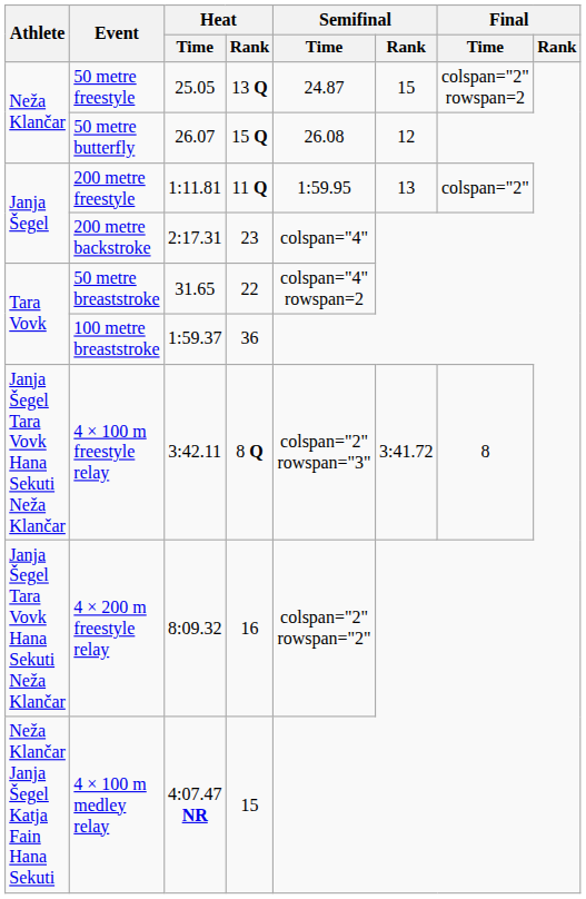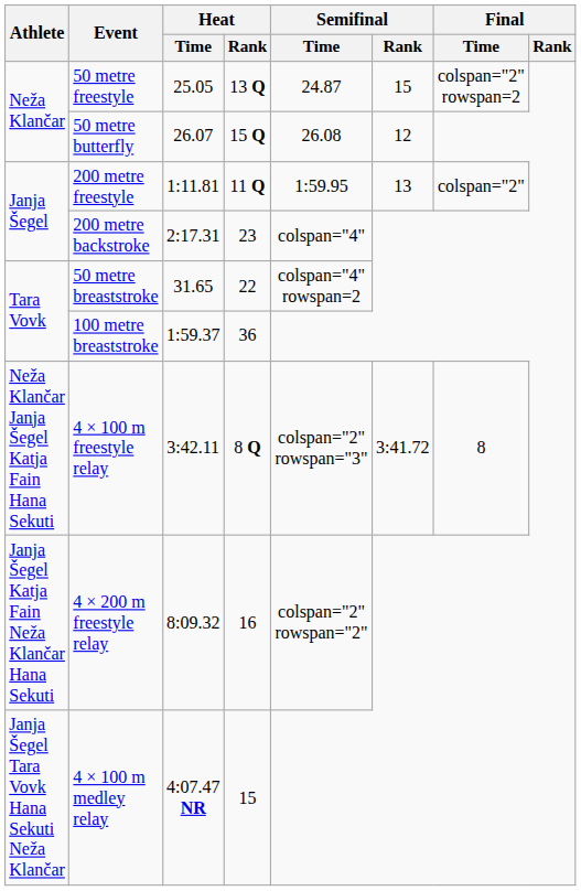 <table class="wikitable" style="text-align:center; font-size:90%; width:50%;">
 <tr>
 <th rowspan="2">Athlete</th>
 <th rowspan="2">Event</th>
 <th colspan="2">Heat</th>
 <th colspan="2">Semifinal</th>
 <th colspan="2">Final</th>
 </tr>
 <tr style="font-size:95%">
 <th>Time</th>
 <th>Rank</th>
 <th>Time</th>
 <th>Rank</th>
 <th>Time</th>
 <th>Rank</th>
 </tr>
 <tr align=center>
 <td align=left rowspan=2><a href='#'>Neža Klančar</a></td>
 <td align=left><a href='#'>50 metre freestyle</a></td>
 <td>25.05</td>
 <td>13 <strong>Q</strong></td>
 <td>24.87</td>
 <td>15</td>
 <td>colspan="2" rowspan=2 </td>
 </tr>
 <tr align=center>
 <td align=left><a href='#'>50 metre butterfly</a></td>
 <td>26.07</td>
 <td>15 <strong>Q</strong></td>
 <td>26.08</td>
 <td>12</td>
 </tr>
 <tr align=center>
 <td align=left rowspan=2><a href='#'>Janja Šegel</a></td>
 <td align=left><a href='#'>200 metre freestyle</a></td>
 <td>1:11.81</td>
 <td>11 <strong>Q</strong></td>
 <td>1:59.95</td>
 <td>13</td>
 <td>colspan="2"</td>
 </tr>
 <tr align=center>
 <td align=left><a href='#'>200 metre backstroke</a></td>
 <td>2:17.31</td>
 <td>23</td>
 <td>colspan="4"</td>
 </tr>
 <tr align=center>
 <td align=left rowspan=2><a href='#'>Tara Vovk</a></td>
 <td align=left><a href='#'>50 metre breaststroke</a></td>
 <td>31.65</td>
 <td>22</td>
 <td>colspan="4" rowspan=2</td>
 </tr>
 <tr align=center>
 <td align=left><a href='#'>100 metre breaststroke</a></td>
 <td>1:59.37</td>
 <td>36</td>
 </tr>
 <tr>
-<td align=left><a href='#'>Janja Šegel</a> <br><a href='#'>Tara Vovk</a> <br><a href='#'>Hana Sekuti</a> <br><a href='#'>Neža Klančar</a></td>
+<td align=left><a href='#'>Neža Klančar</a>  <br><a href='#'>Janja Šegel</a>  <br><a href='#'>Katja Fain</a>  <br><a href='#'>Hana Sekuti</a></td>
 <td align=left><a href='#'>4 × 100 m freestyle relay</a></td>
 <td>3:42.11</td>
 <td>8 <strong>Q</strong></td>
 <td>colspan="2" rowspan="3" </td>
 <td>3:41.72</td>
 <td>8</td>
 </tr>
 <tr>
-<td align=left><a href='#'>Janja Šegel</a> <br><a href='#'>Tara Vovk</a> <br><a href='#'>Hana Sekuti</a> <br><a href='#'>Neža Klančar</a></td>
+<td align=left><a href='#'>Janja Šegel</a><br><a href='#'>Katja Fain</a> <br><a href='#'>Neža Klančar</a> <br><a href='#'>Hana Sekuti</a></td>
 <td align=left><a href='#'>4 × 200 m freestyle relay</a></td>
 <td>8:09.32</td>
 <td>16</td>
 <td>colspan="2" rowspan="2" </td>
 </tr>
 <tr>
-<td align=left><a href='#'>Neža Klančar</a>  <br><a href='#'>Janja Šegel</a>  <br><a href='#'>Katja Fain</a>  <br><a href='#'>Hana Sekuti</a></td>
+<td align=left><a href='#'>Janja Šegel</a> <br><a href='#'>Tara Vovk</a> <br><a href='#'>Hana Sekuti</a> <br><a href='#'>Neža Klančar</a></td>
 <td align=left><a href='#'>4 × 100 m  medley relay</a></td>
 <td>4:07.47 <strong><a href='#'>NR</a></strong></td>
 <td>15</td>
 </tr>
 </table>
